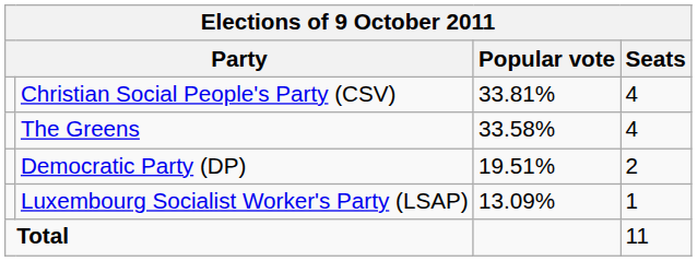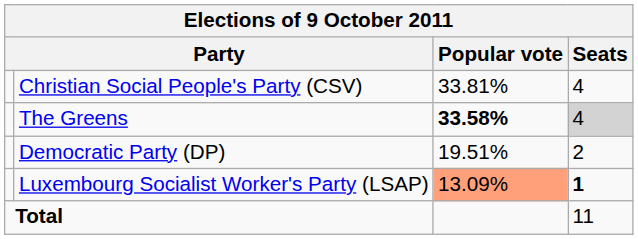 <table class="wikitable">
 <tr>
 <th colspan="4">Elections of 9 October 2011</th>
 </tr>
 <tr>
 <th colspan="2">Party</th>
 <th>Popular vote</th>
 <th>Seats</th>
 </tr>
 <tr>
 <td style="background-color:"></td>
 <td><a href='#'>Christian Social People's Party</a> (CSV)</td>
 <td>33.81%</td>
 <td>4</td>
 </tr>
 <tr>
 <td style="background-color:"></td>
 <td><a href='#'>The Greens</a></td>
-<td>33.58%</td>
-<td>4</td>
+<td><strong>33.58%</strong></td>
+<td style="background: lightgrey;">4</td>
 </tr>
 <tr>
 <td style="background-color:"></td>
 <td><a href='#'>Democratic Party</a> (DP)</td>
 <td>19.51%</td>
 <td>2</td>
 </tr>
 <tr>
 <td style="background-color:"></td>
 <td><a href='#'>Luxembourg Socialist Worker's Party</a> (LSAP)</td>
-<td>13.09%</td>
-<td>1</td>
+<td style="background: lightsalmon;">13.09%</td>
+<td><strong>1</strong></td>
 </tr>
 <tr>
 <td colspan="2" rowspan="1"> <strong>Total</strong><br></td>
 <td></td>
 <td>11</td>
 </tr>
 </table>
